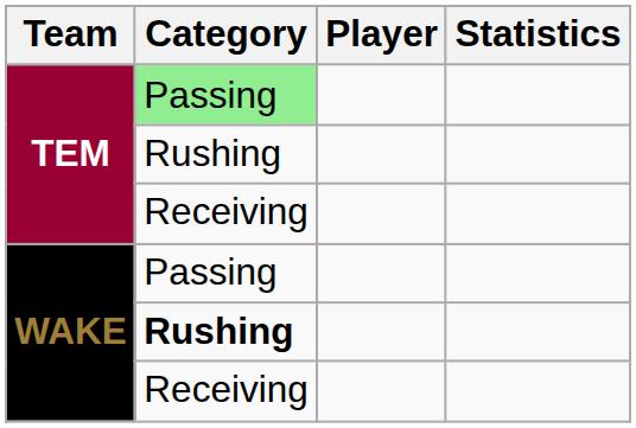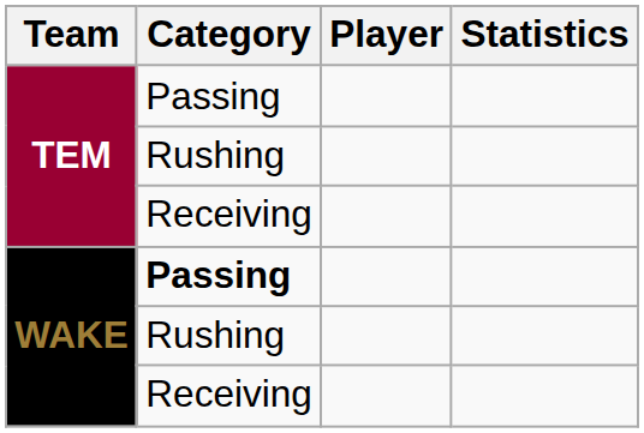 <table class="wikitable">
 <tr>
 <th>Team</th>
 <th>Category</th>
 <th>Player</th>
 <th>Statistics</th>
 </tr>
 <tr>
 <td rowspan=3 style="background:#990033; color:#ffffff; text-align:center;"><strong>TEM</strong></td>
-<td style="background: lightgreen;">Passing</td>
+<td>Passing</td>
 <td></td>
 <td></td>
 </tr>
 <tr>
 <td>Rushing</td>
 <td></td>
 <td></td>
 </tr>
 <tr>
 <td>Receiving</td>
 <td></td>
 <td></td>
 </tr>
 <tr>
 <td rowspan=3 style="background:#000000; color:#9e7e38; text-align:center;"><strong>WAKE</strong></td>
-<td>Passing</td>
+<td><strong>Passing</strong></td>
 <td></td>
 <td></td>
 </tr>
 <tr>
-<td><strong>Rushing</strong></td>
+<td>Rushing</td>
 <td></td>
 <td></td>
 </tr>
 <tr>
 <td>Receiving</td>
 <td></td>
 <td></td>
 </tr>
 </table>
